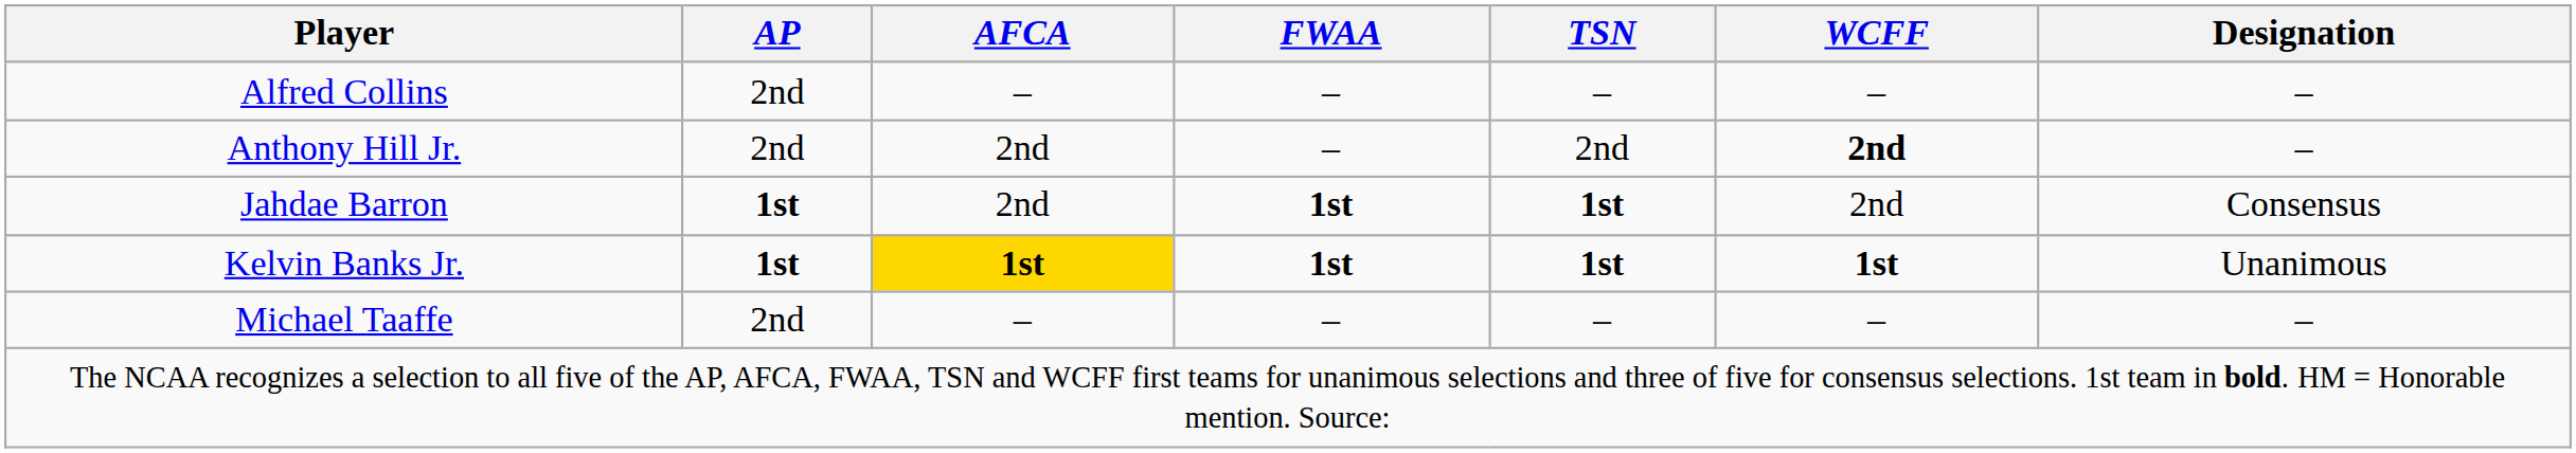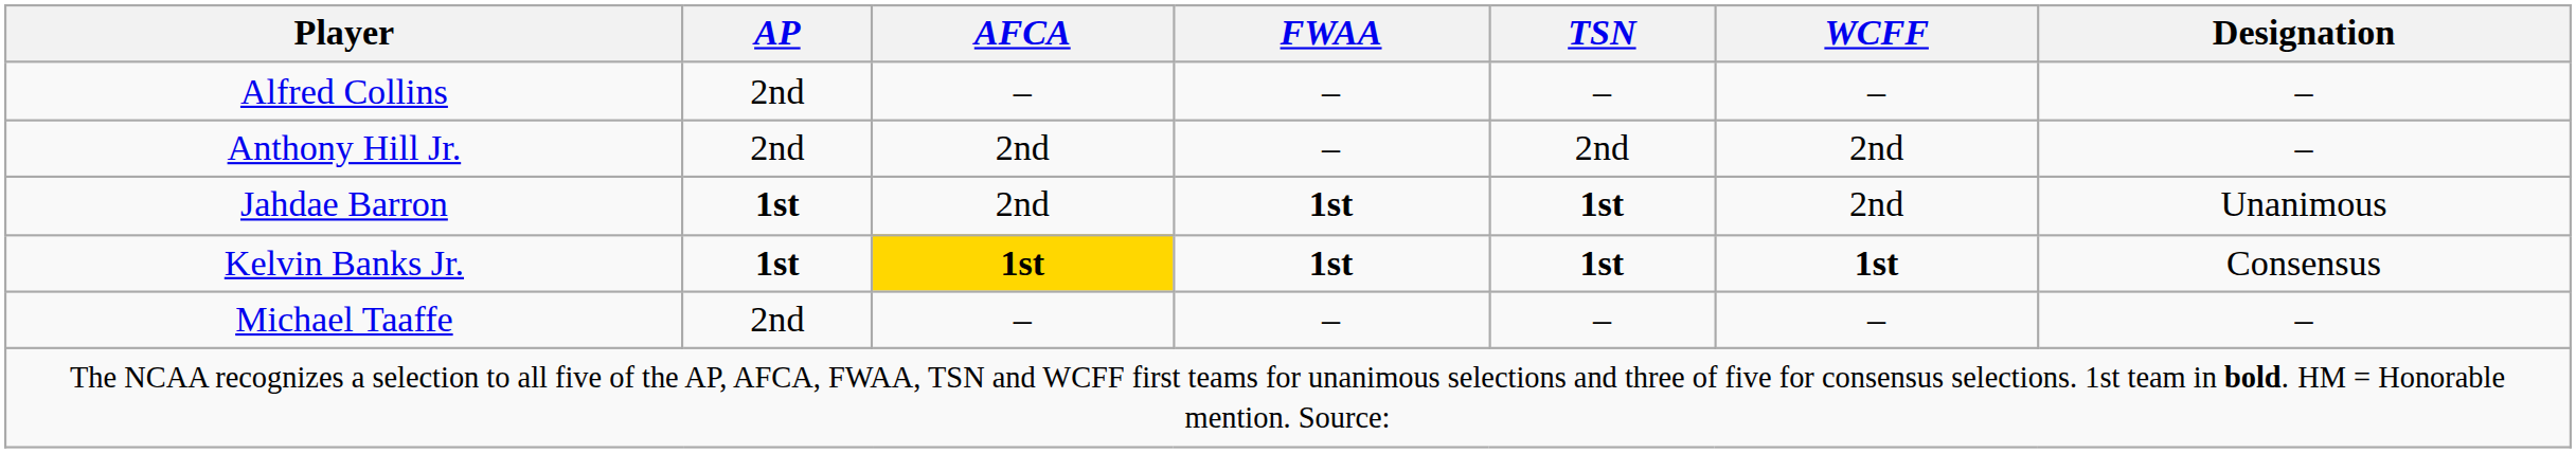 <table class="wikitable" style="width: 90%;text-align: center;">
 <tr>
 <th>Player</th>
 <th><a href='#'><span><em>AP</em></span></a></th>
 <th><a href='#'><span><em>AFCA</em></span></a></th>
 <th><a href='#'><span><em>FWAA</em></span></a></th>
 <th><a href='#'><span><em>TSN</em></span></a></th>
 <th><a href='#'><span><em>WCFF</em></span></a></th>
 <th>Designation</th>
 </tr>
 <tr align="center">
 <td><a href='#'>Alfred Collins</a></td>
 <td>2nd</td>
 <td>–</td>
 <td>–</td>
 <td>–</td>
 <td>–</td>
 <td>–</td>
 </tr>
 <tr align="center">
 <td><a href='#'>Anthony Hill Jr.</a></td>
 <td>2nd</td>
 <td>2nd</td>
 <td>–</td>
 <td>2nd</td>
-<td><strong>2nd</strong></td>
+<td>2nd</td>
 <td>–</td>
 </tr>
 <tr align="center">
 <td><a href='#'>Jahdae Barron</a></td>
 <td><strong>1st</strong></td>
 <td>2nd</td>
 <td><strong>1st</strong></td>
 <td><strong>1st</strong></td>
 <td>2nd</td>
-<td>Consensus</td>
+<td>Unanimous</td>
 </tr>
 <tr align="center">
 <td><a href='#'>Kelvin Banks Jr.</a></td>
 <td><strong>1st</strong></td>
 <td style="background: gold;"><strong>1st</strong></td>
 <td><strong>1st</strong></td>
 <td><strong>1st</strong></td>
 <td><strong>1st</strong></td>
-<td>Unanimous</td>
+<td>Consensus</td>
 </tr>
 <tr align="center">
 <td><a href='#'>Michael Taaffe</a></td>
 <td>2nd</td>
 <td>–</td>
 <td>–</td>
 <td>–</td>
 <td>–</td>
 <td>–</td>
 </tr>
 <tr align="center">
 <td colspan=7><small>The NCAA recognizes a selection to all five of the AP, AFCA, FWAA, TSN and WCFF first teams for unanimous selections and three of five for consensus selections. 1st team in <strong>bold</strong>.</small> <small>HM = Honorable mention. Source: </small></td>
 </tr>
 </table>
